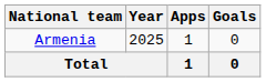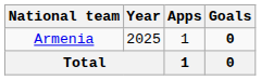 <table class="wikitable" style="text-align:center">
 <tr>
 <th>National team</th>
 <th>Year</th>
 <th>Apps</th>
 <th>Goals</th>
 </tr>
 <tr>
 <td rowspan="1"><a href='#'>Armenia</a></td>
 <td>2025</td>
 <td>1</td>
-<td>0</td>
+<td><strong>0</strong></td>
 </tr>
 <tr>
 <th colspan="2">Total</th>
 <th>1</th>
 <th>0</th>
 </tr>
 </table>
